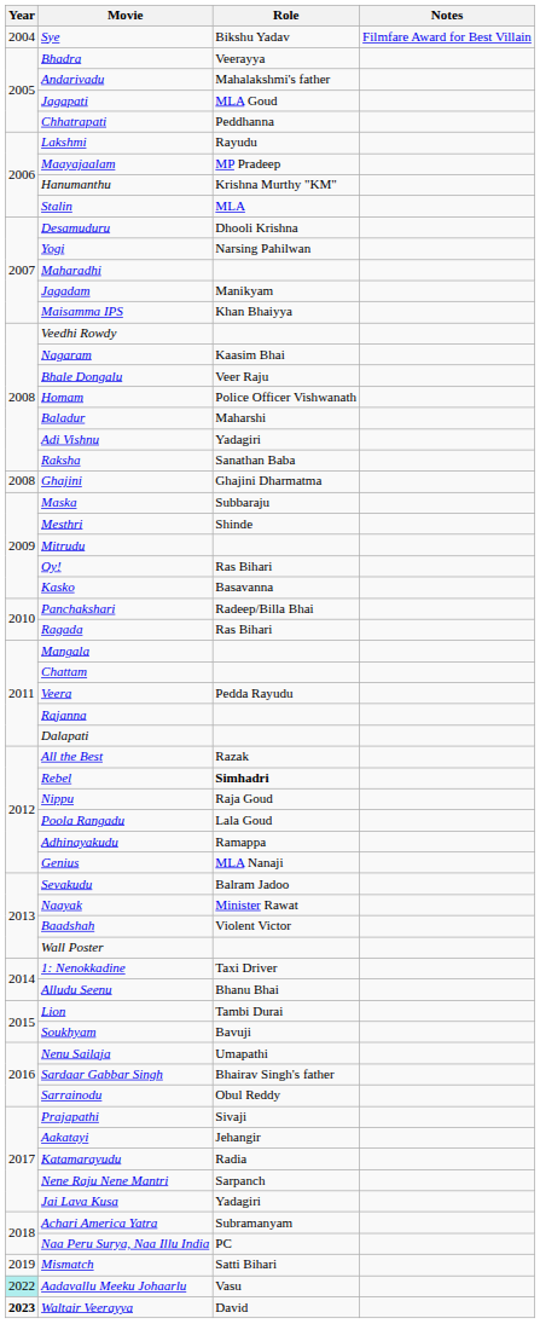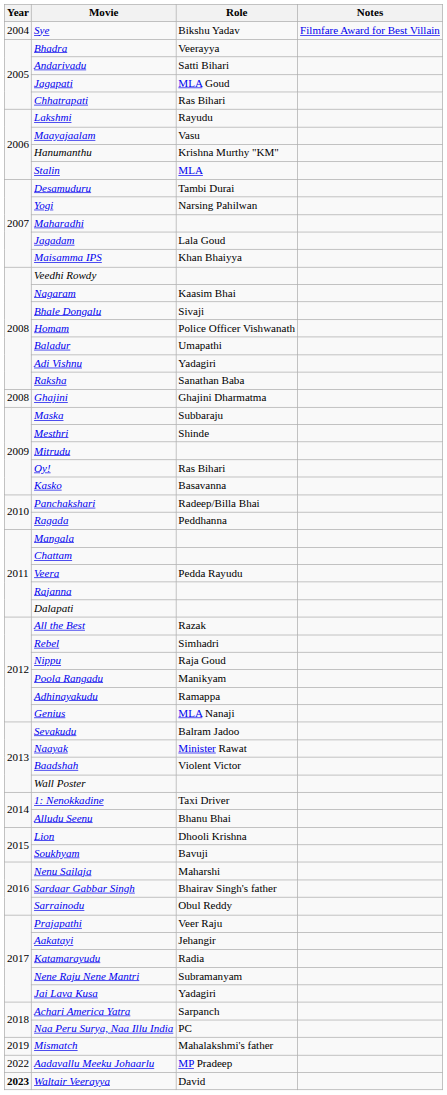 <table class="wikitable sortable">
 <tr>
 <th scope="col">Year</th>
 <th scope="col">Movie</th>
 <th scope="col">Role</th>
 <th class="unsortable" scope="col">Notes</th>
 </tr>
 <tr>
 <td>2004</td>
 <td><em><a href='#'>Sye</a></em></td>
 <td>Bikshu Yadav</td>
 <td><a href='#'>Filmfare Award for Best Villain</a></td>
 </tr>
 <tr>
 <td rowspan="4">2005</td>
 <td><em><a href='#'>Bhadra</a></em></td>
 <td>Veerayya</td>
 <td></td>
 </tr>
 <tr>
 <td><em><a href='#'>Andarivadu</a></em></td>
-<td>Mahalakshmi's father</td>
+<td>Satti Bihari</td>
 <td></td>
 </tr>
 <tr>
 <td><em><a href='#'>Jagapati</a></em></td>
 <td><a href='#'>MLA</a> Goud</td>
 <td></td>
 </tr>
 <tr>
 <td><em><a href='#'>Chhatrapati</a></em></td>
-<td>Peddhanna</td>
+<td>Ras Bihari</td>
 <td></td>
 </tr>
 <tr>
 <td rowspan="4">2006</td>
 <td><em><a href='#'>Lakshmi</a></em></td>
 <td>Rayudu</td>
 <td></td>
 </tr>
 <tr>
 <td><em><a href='#'>Maayajaalam</a></em></td>
-<td><a href='#'>MP</a> Pradeep</td>
+<td>Vasu</td>
 <td></td>
 </tr>
 <tr>
 <td><em>Hanumanthu</em></td>
 <td>Krishna Murthy "KM"</td>
 <td></td>
 </tr>
 <tr>
 <td><em><a href='#'>Stalin</a></em></td>
 <td><a href='#'>MLA</a></td>
 <td></td>
 </tr>
 <tr>
 <td rowspan="5">2007</td>
 <td><em><a href='#'>Desamuduru</a></em></td>
-<td>Dhooli Krishna</td>
+<td>Tambi Durai</td>
 <td></td>
 </tr>
 <tr>
 <td><em><a href='#'>Yogi</a></em></td>
 <td>Narsing Pahilwan</td>
 <td></td>
 </tr>
 <tr>
 <td><em><a href='#'>Maharadhi</a></em></td>
 <td></td>
 <td></td>
 </tr>
 <tr>
 <td><em><a href='#'>Jagadam</a></em></td>
-<td>Manikyam</td>
+<td>Lala Goud</td>
 <td></td>
 </tr>
 <tr>
 <td><em><a href='#'>Maisamma IPS</a></em></td>
 <td>Khan Bhaiyya</td>
 <td></td>
 </tr>
 <tr>
 <td rowspan="7">2008</td>
 <td><em>Veedhi Rowdy</em></td>
 <td></td>
 <td></td>
 </tr>
 <tr>
 <td><em><a href='#'>Nagaram</a></em></td>
 <td>Kaasim Bhai</td>
 <td></td>
 </tr>
 <tr>
 <td><em><a href='#'>Bhale Dongalu</a></em></td>
-<td>Veer Raju</td>
+<td>Sivaji</td>
 <td></td>
 </tr>
 <tr>
 <td><em><a href='#'>Homam</a></em></td>
 <td>Police Officer Vishwanath</td>
 <td></td>
 </tr>
 <tr>
 <td><em><a href='#'>Baladur</a></em></td>
-<td>Maharshi</td>
+<td>Umapathi</td>
 <td></td>
 </tr>
 <tr>
 <td><em><a href='#'>Adi Vishnu</a></em></td>
 <td>Yadagiri</td>
 <td></td>
 </tr>
 <tr>
 <td><em><a href='#'>Raksha</a></em></td>
 <td>Sanathan Baba</td>
 <td></td>
 </tr>
 <tr>
 <td>2008</td>
 <td><em><a href='#'>Ghajini</a></em></td>
 <td>Ghajini Dharmatma</td>
 <td></td>
 </tr>
 <tr>
 <td rowspan="5">2009</td>
 <td><em><a href='#'>Maska</a></em></td>
 <td>Subbaraju</td>
 <td></td>
 </tr>
 <tr>
 <td><em><a href='#'>Mesthri</a></em></td>
 <td>Shinde</td>
 <td></td>
 </tr>
 <tr>
 <td><em><a href='#'>Mitrudu</a></em></td>
 <td></td>
 <td></td>
 </tr>
 <tr>
 <td><em><a href='#'>Oy!</a></em></td>
 <td>Ras Bihari</td>
 <td></td>
 </tr>
 <tr>
 <td><em><a href='#'>Kasko</a></em></td>
 <td>Basavanna</td>
 <td></td>
 </tr>
 <tr>
 <td rowspan="2">2010</td>
 <td><em><a href='#'>Panchakshari</a></em></td>
 <td>Radeep/Billa Bhai</td>
 <td></td>
 </tr>
 <tr>
 <td><em><a href='#'>Ragada</a></em></td>
-<td>Ras Bihari</td>
+<td>Peddhanna</td>
 <td></td>
 </tr>
 <tr>
 <td rowspan="5">2011</td>
 <td><em><a href='#'>Mangala</a></em></td>
 <td></td>
 <td></td>
 </tr>
 <tr>
 <td><em><a href='#'>Chattam</a></em></td>
 <td></td>
 <td></td>
 </tr>
 <tr>
 <td><em><a href='#'>Veera</a></em></td>
 <td>Pedda Rayudu</td>
 <td></td>
 </tr>
 <tr>
 <td><em><a href='#'>Rajanna</a></em></td>
 <td></td>
 <td></td>
 </tr>
 <tr Ji>
 <td><em>Dalapati</em></td>
 <td></td>
 <td></td>
 </tr>
 <tr>
 <td rowspan="6">2012</td>
 <td><em><a href='#'>All the Best</a></em></td>
 <td>Razak</td>
 <td></td>
 </tr>
 <tr>
 <td><em><a href='#'>Rebel</a></em></td>
-<td><strong>Simhadri</strong></td>
+<td>Simhadri</td>
 <td></td>
 </tr>
 <tr>
 <td><em><a href='#'>Nippu</a></em></td>
 <td>Raja Goud</td>
 <td></td>
 </tr>
 <tr>
 <td><em><a href='#'>Poola Rangadu</a></em></td>
-<td>Lala Goud</td>
+<td>Manikyam</td>
 <td></td>
 </tr>
 <tr>
 <td><em><a href='#'>Adhinayakudu</a></em></td>
 <td>Ramappa</td>
 <td></td>
 </tr>
 <tr>
 <td><em><a href='#'>Genius</a></em></td>
 <td><a href='#'>MLA</a> Nanaji</td>
 <td></td>
 </tr>
 <tr>
 <td rowspan="4">2013</td>
 <td><em><a href='#'>Sevakudu</a></em></td>
 <td>Balram Jadoo</td>
 <td></td>
 </tr>
 <tr>
 <td><em><a href='#'>Naayak</a></em></td>
 <td><a href='#'>Minister</a> Rawat</td>
 <td></td>
 </tr>
 <tr>
 <td><em><a href='#'>Baadshah</a></em></td>
 <td>Violent Victor</td>
 <td></td>
 </tr>
 <tr>
 <td><em>Wall Poster</em></td>
 <td></td>
 <td></td>
 </tr>
 <tr>
 <td rowspan="2">2014</td>
 <td><em><a href='#'>1: Nenokkadine</a></em></td>
 <td>Taxi Driver</td>
 <td></td>
 </tr>
 <tr>
 <td><em><a href='#'>Alludu Seenu</a></em></td>
 <td>Bhanu Bhai</td>
 <td></td>
 </tr>
 <tr>
 <td rowspan="2">2015</td>
 <td><em><a href='#'>Lion</a></em></td>
-<td>Tambi Durai</td>
+<td>Dhooli Krishna</td>
 <td></td>
 </tr>
 <tr>
 <td><em><a href='#'>Soukhyam</a></em></td>
 <td>Bavuji</td>
 <td></td>
 </tr>
 <tr>
 <td rowspan="3">2016</td>
 <td><em><a href='#'>Nenu Sailaja</a></em></td>
-<td>Umapathi</td>
+<td>Maharshi</td>
 <td></td>
 </tr>
 <tr>
 <td><em><a href='#'>Sardaar Gabbar Singh</a></em></td>
 <td>Bhairav Singh's father</td>
 <td></td>
 </tr>
 <tr>
 <td><em><a href='#'>Sarrainodu</a></em></td>
 <td>Obul Reddy</td>
 <td></td>
 </tr>
 <tr>
 <td rowspan="5">2017</td>
 <td><em><a href='#'>Prajapathi</a></em></td>
-<td>Sivaji</td>
+<td>Veer Raju</td>
 <td></td>
 </tr>
 <tr>
 <td><em><a href='#'>Aakatayi</a></em></td>
 <td>Jehangir</td>
 <td></td>
 </tr>
 <tr>
 <td><em><a href='#'>Katamarayudu</a></em></td>
 <td>Radia</td>
 <td></td>
 </tr>
 <tr>
 <td><em><a href='#'>Nene Raju Nene Mantri</a></em></td>
-<td>Sarpanch</td>
+<td>Subramanyam</td>
 <td></td>
 </tr>
 <tr>
 <td><em><a href='#'>Jai Lava Kusa</a></em></td>
 <td>Yadagiri</td>
 <td></td>
 </tr>
 <tr>
 <td rowspan="2">2018</td>
 <td><em><a href='#'>Achari America Yatra</a></em></td>
-<td>Subramanyam</td>
+<td>Sarpanch</td>
 <td></td>
 </tr>
 <tr>
 <td><em><a href='#'>Naa Peru Surya, Naa Illu India</a></em></td>
 <td>PC</td>
 <td></td>
 </tr>
 <tr>
 <td>2019</td>
 <td><em><a href='#'>Mismatch</a></em></td>
-<td>Satti Bihari</td>
+<td>Mahalakshmi's father</td>
 <td></td>
 </tr>
 <tr>
-<td style="background: paleturquoise;">2022</td>
+<td>2022</td>
 <td><em><a href='#'>Aadavallu Meeku Johaarlu</a></em></td>
-<td>Vasu</td>
+<td><a href='#'>MP</a> Pradeep</td>
 <td></td>
 </tr>
 <tr>
 <td><strong>2023</strong></td>
 <td><em><a href='#'>Waltair Veerayya</a></em></td>
 <td>David</td>
 <td><br>   </td>
 </tr>
 </table>
